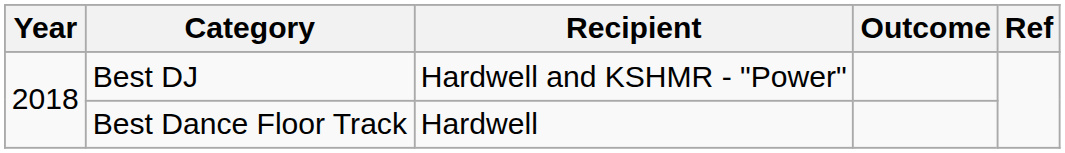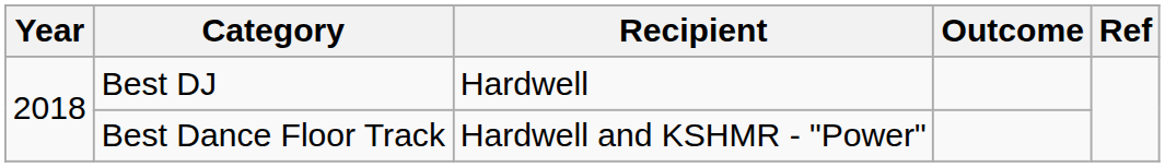 <table class="wikitable sortable">
 <tr>
 <th>Year</th>
 <th>Category</th>
 <th>Recipient</th>
 <th>Outcome</th>
 <th>Ref</th>
 </tr>
 <tr>
 <td rowspan="2">2018</td>
 <td>Best DJ</td>
-<td>Hardwell and KSHMR - "Power"</td>
+<td>Hardwell</td>
 <td></td>
 <td rowspan="2"></td>
 </tr>
 <tr>
 <td>Best Dance Floor Track</td>
-<td>Hardwell</td>
+<td>Hardwell and KSHMR - "Power"</td>
 <td></td>
 </tr>
 </table>
